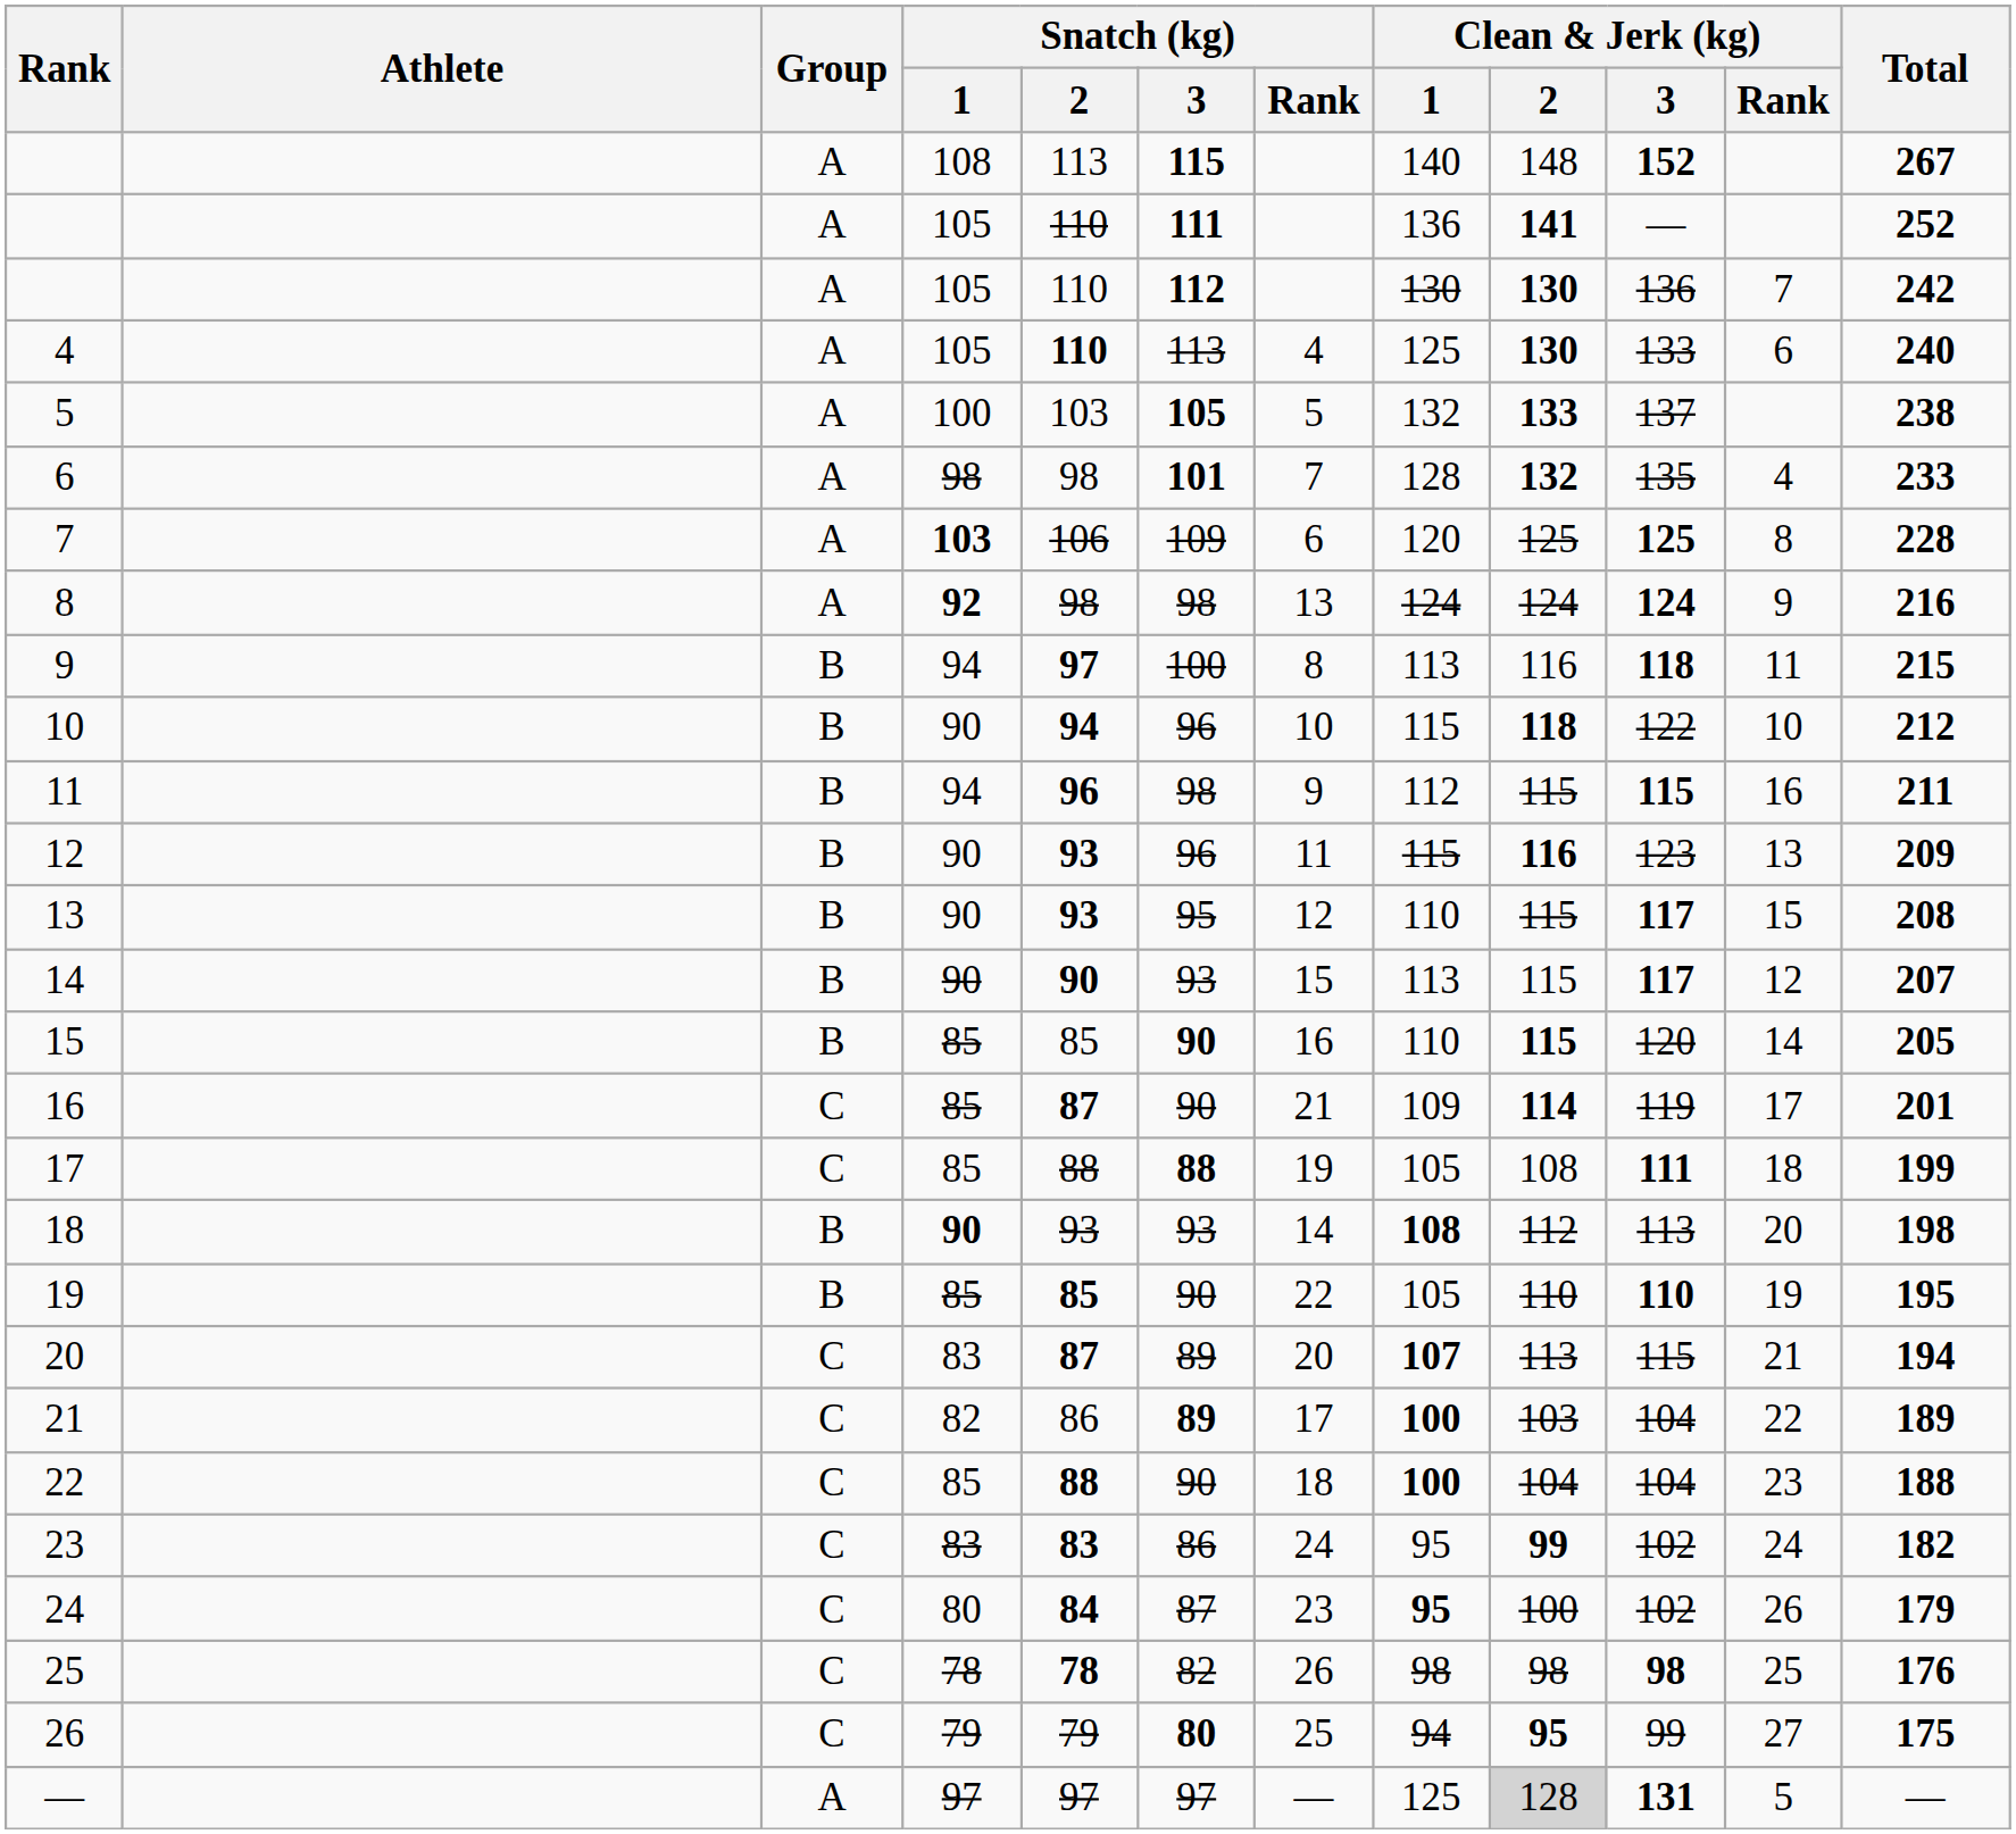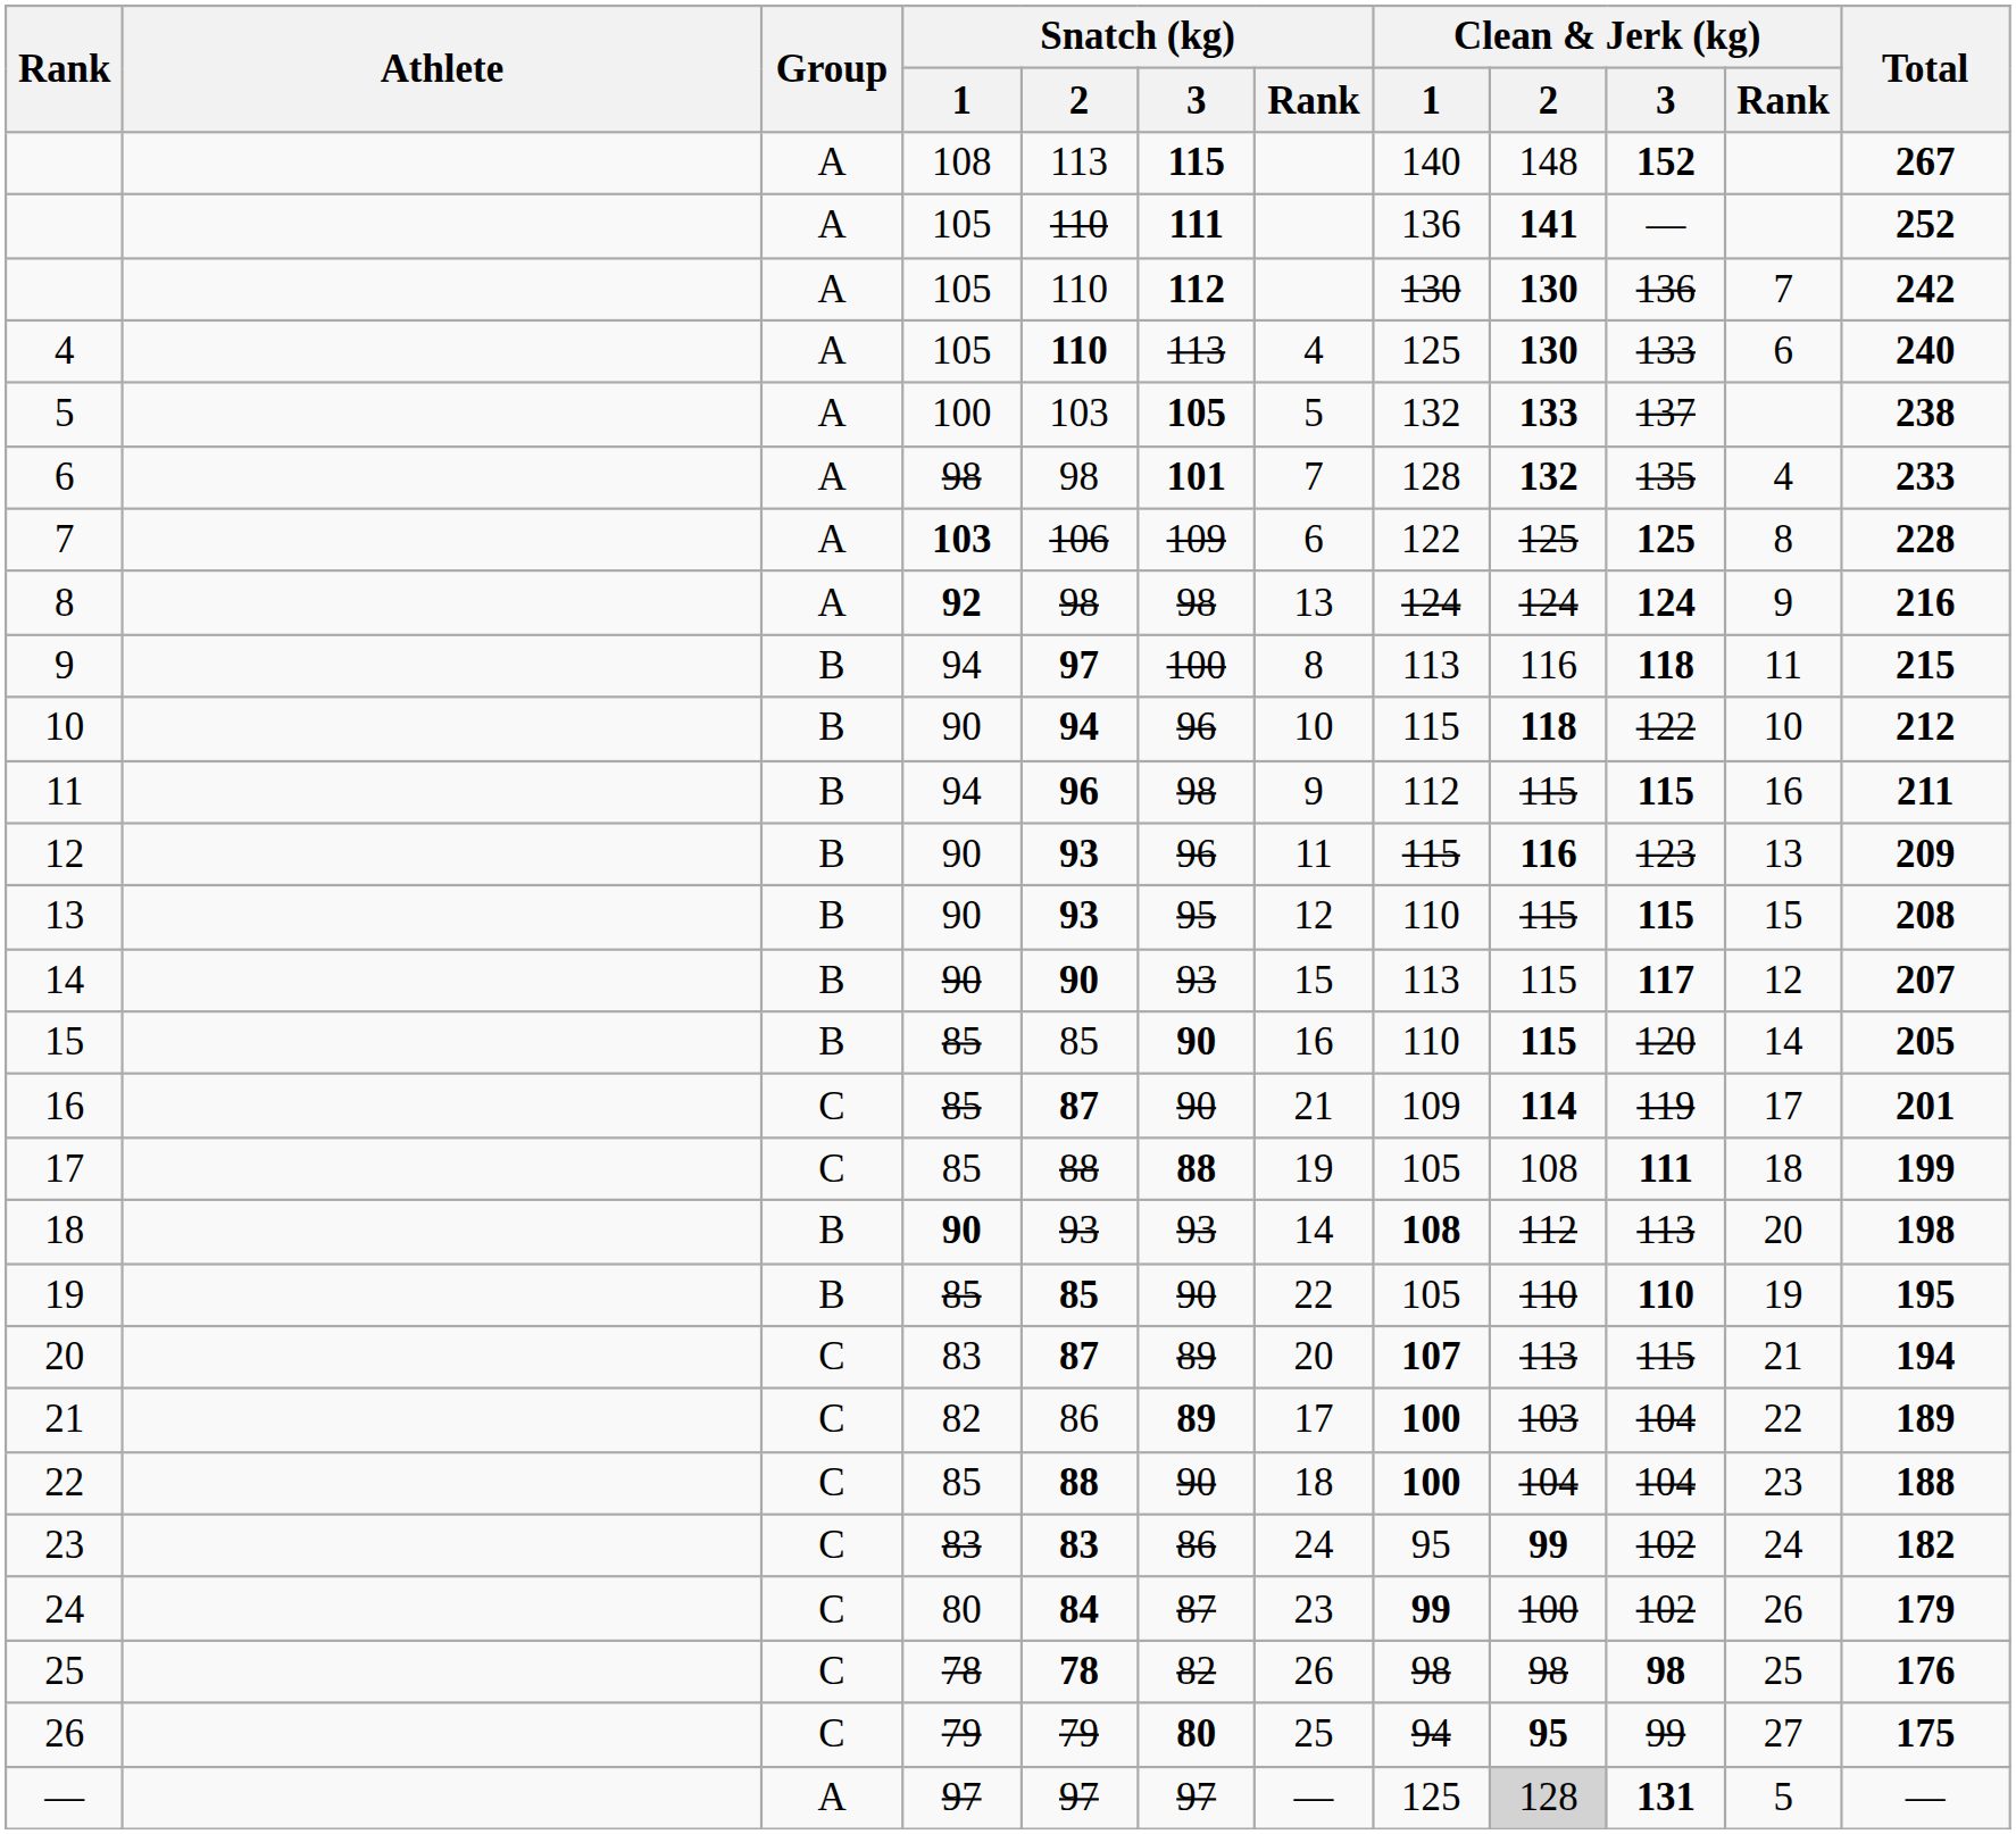 <table class = "wikitable" style="text-align:center;">
 <tr>
 <th rowspan=2 width=40>Rank</th>
 <th rowspan=2 width=250>Athlete</th>
 <th rowspan=2 width=50>Group</th>
 <th colspan=4>Snatch (kg)</th>
 <th colspan=4>Clean & Jerk (kg)</th>
 <th rowspan=2 width=60>Total</th>
 </tr>
 <tr>
 <th width=40>1</th>
 <th width=40>2</th>
 <th width=40>3</th>
 <th width=40>Rank</th>
 <th width=40>1</th>
 <th width=40>2</th>
 <th width=40>3</th>
 <th width=40>Rank</th>
 </tr>
 <tr>
 <td></td>
 <td align=left></td>
 <td>A</td>
 <td>108</td>
 <td>113</td>
 <td><strong>115</strong></td>
 <td></td>
 <td>140</td>
 <td>148</td>
 <td><strong>152</strong></td>
 <td></td>
 <td><strong>267</strong></td>
 </tr>
 <tr>
 <td></td>
 <td align=left></td>
 <td>A</td>
 <td>105</td>
 <td><s>110 </s></td>
 <td><strong>111</strong></td>
 <td></td>
 <td>136</td>
 <td><strong>141</strong></td>
 <td>—</td>
 <td></td>
 <td><strong>252</strong></td>
 </tr>
 <tr>
 <td></td>
 <td align=left></td>
 <td>A</td>
 <td>105</td>
 <td>110</td>
 <td><strong>112</strong></td>
 <td></td>
 <td><s>130 </s></td>
 <td><strong>130</strong></td>
 <td><s>136 </s></td>
 <td>7</td>
 <td><strong>242</strong></td>
 </tr>
 <tr>
 <td>4</td>
 <td align=left></td>
 <td>A</td>
 <td>105</td>
 <td><strong>110</strong></td>
 <td><s>113 </s></td>
 <td>4</td>
 <td>125</td>
 <td><strong>130</strong></td>
 <td><s>133 </s></td>
 <td>6</td>
 <td><strong>240</strong></td>
 </tr>
 <tr>
 <td>5</td>
 <td align=left></td>
 <td>A</td>
 <td>100</td>
 <td>103</td>
 <td><strong>105</strong></td>
 <td>5</td>
 <td>132</td>
 <td><strong>133</strong></td>
 <td><s>137 </s></td>
 <td></td>
 <td><strong>238</strong></td>
 </tr>
 <tr>
 <td>6</td>
 <td align=left></td>
 <td>A</td>
 <td><s>98 </s></td>
 <td>98</td>
 <td><strong>101</strong></td>
 <td>7</td>
 <td>128</td>
 <td><strong>132</strong></td>
 <td><s>135 </s></td>
 <td>4</td>
 <td><strong>233</strong></td>
 </tr>
 <tr>
 <td>7</td>
 <td align=left></td>
 <td>A</td>
 <td><strong>103</strong></td>
 <td><s>106 </s></td>
 <td><s>109 </s></td>
 <td>6</td>
-<td>120</td>
+<td>122</td>
 <td><s>125 </s></td>
 <td><strong>125</strong></td>
 <td>8</td>
 <td><strong>228</strong></td>
 </tr>
 <tr>
 <td>8</td>
 <td align=left></td>
 <td>A</td>
 <td><strong>92</strong></td>
 <td><s>98 </s></td>
 <td><s>98 </s></td>
 <td>13</td>
 <td><s>124 </s></td>
 <td><s>124 </s></td>
 <td><strong>124</strong></td>
 <td>9</td>
 <td><strong>216</strong></td>
 </tr>
 <tr>
 <td>9</td>
 <td align=left></td>
 <td>B</td>
 <td>94</td>
 <td><strong>97</strong></td>
 <td><s>100 </s></td>
 <td>8</td>
 <td>113</td>
 <td>116</td>
 <td><strong>118</strong></td>
 <td>11</td>
 <td><strong>215</strong></td>
 </tr>
 <tr>
 <td>10</td>
 <td align=left></td>
 <td>B</td>
 <td>90</td>
 <td><strong>94</strong></td>
 <td><s>96 </s></td>
 <td>10</td>
 <td>115</td>
 <td><strong>118</strong></td>
 <td><s>122 </s></td>
 <td>10</td>
 <td><strong>212</strong></td>
 </tr>
 <tr>
 <td>11</td>
 <td align=left></td>
 <td>B</td>
 <td>94</td>
 <td><strong>96</strong></td>
 <td><s>98 </s></td>
 <td>9</td>
 <td>112</td>
 <td><s>115 </s></td>
 <td><strong>115</strong></td>
 <td>16</td>
 <td><strong>211</strong></td>
 </tr>
 <tr>
 <td>12</td>
 <td align=left></td>
 <td>B</td>
 <td>90</td>
 <td><strong>93</strong></td>
 <td><s>96 </s></td>
 <td>11</td>
 <td><s>115 </s></td>
 <td><strong>116</strong></td>
 <td><s>123 </s></td>
 <td>13</td>
 <td><strong>209</strong></td>
 </tr>
 <tr>
 <td>13</td>
 <td align=left></td>
 <td>B</td>
 <td>90</td>
 <td><strong>93</strong></td>
 <td><s>95 </s></td>
 <td>12</td>
 <td>110</td>
 <td><s>115 </s></td>
-<td><strong>117</strong></td>
+<td><strong>115</strong></td>
 <td>15</td>
 <td><strong>208</strong></td>
 </tr>
 <tr>
 <td>14</td>
 <td align=left></td>
 <td>B</td>
 <td><s>90 </s></td>
 <td><strong>90</strong></td>
 <td><s>93 </s></td>
 <td>15</td>
 <td>113</td>
 <td>115</td>
 <td><strong>117</strong></td>
 <td>12</td>
 <td><strong>207</strong></td>
 </tr>
 <tr>
 <td>15</td>
 <td align=left></td>
 <td>B</td>
 <td><s>85 </s></td>
 <td>85</td>
 <td><strong>90</strong></td>
 <td>16</td>
 <td>110</td>
 <td><strong>115</strong></td>
 <td><s>120 </s></td>
 <td>14</td>
 <td><strong>205</strong></td>
 </tr>
 <tr>
 <td>16</td>
 <td align=left></td>
 <td>C</td>
 <td><s>85 </s></td>
 <td><strong>87</strong></td>
 <td><s>90 </s></td>
 <td>21</td>
 <td>109</td>
 <td><strong>114</strong></td>
 <td><s>119</s></td>
 <td>17</td>
 <td><strong>201</strong></td>
 </tr>
 <tr>
 <td>17</td>
 <td align=left></td>
 <td>C</td>
 <td>85</td>
 <td><s>88 </s></td>
 <td><strong>88</strong></td>
 <td>19</td>
 <td>105</td>
 <td>108</td>
 <td><strong>111</strong></td>
 <td>18</td>
 <td><strong>199</strong></td>
 </tr>
 <tr>
 <td>18</td>
 <td align=left></td>
 <td>B</td>
 <td><strong>90</strong></td>
 <td><s>93 </s></td>
 <td><s>93 </s></td>
 <td>14</td>
 <td><strong>108</strong></td>
 <td><s>112</s></td>
 <td><s>113</s></td>
 <td>20</td>
 <td><strong>198</strong></td>
 </tr>
 <tr>
 <td>19</td>
 <td align=left></td>
 <td>B</td>
 <td><s>85 </s></td>
 <td><strong>85</strong></td>
 <td><s>90 </s></td>
 <td>22</td>
 <td>105</td>
 <td><s>110 </s></td>
 <td><strong>110</strong></td>
 <td>19</td>
 <td><strong>195</strong></td>
 </tr>
 <tr>
 <td>20</td>
 <td align=left></td>
 <td>C</td>
 <td>83</td>
 <td><strong>87</strong></td>
 <td><s>89 </s></td>
 <td>20</td>
 <td><strong>107</strong></td>
 <td><s>113</s></td>
 <td><s>115 </s></td>
 <td>21</td>
 <td><strong>194</strong></td>
 </tr>
 <tr>
 <td>21</td>
 <td align=left></td>
 <td>C</td>
 <td>82</td>
 <td>86</td>
 <td><strong>89</strong></td>
 <td>17</td>
 <td><strong>100</strong></td>
 <td><s>103</s></td>
 <td><s>104 </s></td>
 <td>22</td>
 <td><strong>189</strong></td>
 </tr>
 <tr>
 <td>22</td>
 <td align=left></td>
 <td>C</td>
 <td>85</td>
 <td><strong>88</strong></td>
 <td><s>90 </s></td>
 <td>18</td>
 <td><strong>100</strong></td>
 <td><s>104 </s></td>
 <td><s>104 </s></td>
 <td>23</td>
 <td><strong>188</strong></td>
 </tr>
 <tr>
 <td>23</td>
 <td align=left></td>
 <td>C</td>
 <td><s>83 </s></td>
 <td><strong>83</strong></td>
 <td><s>86 </s></td>
 <td>24</td>
 <td>95</td>
 <td><strong>99</strong></td>
 <td><s>102 </s></td>
 <td>24</td>
 <td><strong>182</strong></td>
 </tr>
 <tr>
 <td>24</td>
 <td align=left></td>
 <td>C</td>
 <td>80</td>
 <td><strong>84</strong></td>
 <td><s>87 </s></td>
 <td>23</td>
-<td><strong>95</strong></td>
+<td><strong>99</strong></td>
 <td><s>100</s></td>
 <td><s>102</s></td>
 <td>26</td>
 <td><strong>179</strong></td>
 </tr>
 <tr>
 <td>25</td>
 <td align=left></td>
 <td>C</td>
 <td><s>78 </s></td>
 <td><strong>78</strong></td>
 <td><s>82 </s></td>
 <td>26</td>
 <td><s>98</s></td>
 <td><s>98</s></td>
 <td><strong>98</strong></td>
 <td>25</td>
 <td><strong>176</strong></td>
 </tr>
 <tr>
 <td>26</td>
 <td align=left></td>
 <td>C</td>
 <td><s>79 </s></td>
 <td><s>79 </s></td>
 <td><strong>80</strong></td>
 <td>25</td>
 <td><s>94 </s></td>
 <td><strong>95</strong></td>
 <td><s>99 </s></td>
 <td>27</td>
 <td><strong>175</strong></td>
 </tr>
 <tr>
 <td>—</td>
 <td align=left></td>
 <td>A</td>
 <td><s>97 </s></td>
 <td><s>97 </s></td>
 <td><s>97 </s></td>
 <td>—</td>
 <td>125</td>
 <td style="background: lightgrey;">128</td>
 <td><strong>131</strong></td>
 <td>5</td>
 <td>—</td>
 </tr>
 </table>
